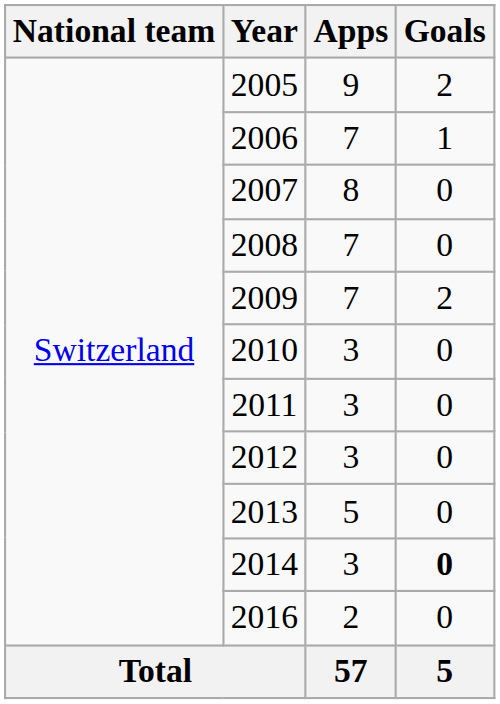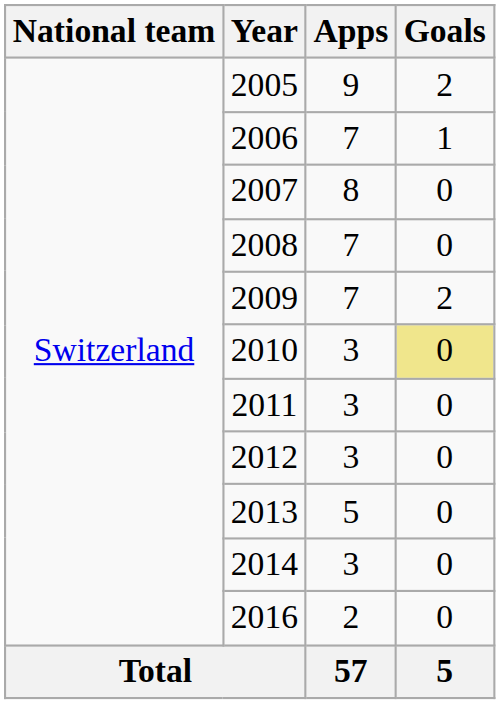 <table class=wikitable style="text-align: center;">
 <tr>
 <th>National team</th>
 <th>Year</th>
 <th>Apps</th>
 <th>Goals</th>
 </tr>
 <tr>
 <td rowspan=11><a href='#'>Switzerland</a></td>
 <td>2005</td>
 <td>9</td>
 <td>2</td>
 </tr>
 <tr>
 <td>2006</td>
 <td>7</td>
 <td>1</td>
 </tr>
 <tr>
 <td>2007</td>
 <td>8</td>
 <td>0</td>
 </tr>
 <tr>
 <td>2008</td>
 <td>7</td>
 <td>0</td>
 </tr>
 <tr>
 <td>2009</td>
 <td>7</td>
 <td>2</td>
 </tr>
 <tr>
 <td>2010</td>
 <td>3</td>
-<td>0</td>
+<td style="background: khaki;">0</td>
 </tr>
 <tr>
 <td>2011</td>
 <td>3</td>
 <td>0</td>
 </tr>
 <tr>
 <td>2012</td>
 <td>3</td>
 <td>0</td>
 </tr>
 <tr>
 <td>2013</td>
 <td>5</td>
 <td>0</td>
 </tr>
 <tr>
 <td>2014</td>
 <td>3</td>
-<td><strong>0</strong></td>
+<td>0</td>
 </tr>
 <tr>
 <td>2016</td>
 <td>2</td>
 <td>0</td>
 </tr>
 <tr>
 <th colspan=2>Total</th>
 <th>57</th>
 <th>5</th>
 </tr>
 </table>
